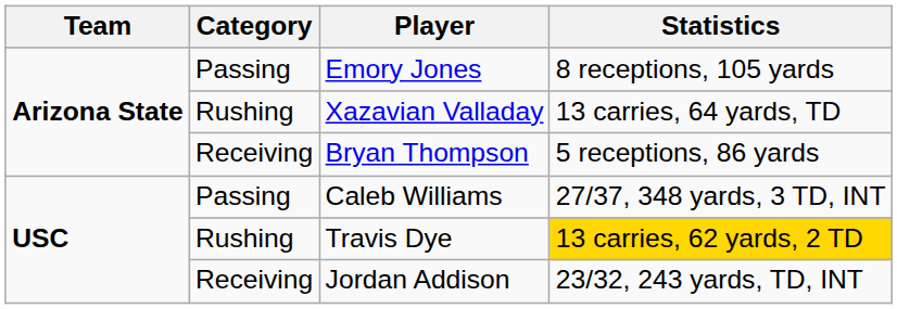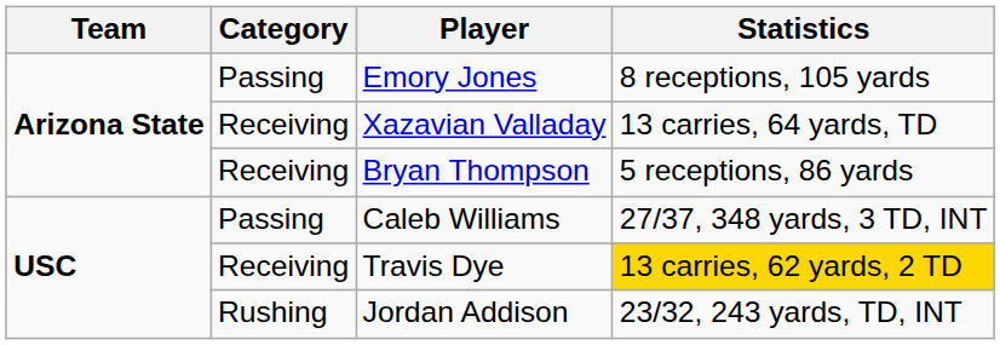 <table class="wikitable" style="float: right;">
 <tr>
 <th>Team</th>
 <th>Category</th>
 <th>Player</th>
 <th>Statistics</th>
 </tr>
 <tr>
 <td rowspan=3><strong>Arizona State</strong></td>
 <td>Passing</td>
 <td><a href='#'>Emory Jones</a></td>
 <td>8 receptions, 105 yards</td>
 </tr>
 <tr>
-<td>Rushing</td>
+<td>Receiving</td>
 <td><a href='#'>Xazavian Valladay</a></td>
 <td>13 carries, 64 yards, TD</td>
 </tr>
 <tr>
 <td>Receiving</td>
 <td><a href='#'>Bryan Thompson</a></td>
 <td>5 receptions, 86 yards</td>
 </tr>
 <tr>
 <td rowspan=3><strong>USC</strong></td>
 <td>Passing</td>
 <td>Caleb Williams</td>
 <td>27/37, 348 yards, 3 TD, INT</td>
 </tr>
 <tr>
-<td>Rushing</td>
+<td>Receiving</td>
 <td>Travis Dye</td>
 <td style="background: gold;">13 carries, 62 yards, 2 TD</td>
 </tr>
 <tr>
-<td>Receiving</td>
+<td>Rushing</td>
 <td>Jordan Addison</td>
 <td>23/32, 243 yards, TD, INT</td>
 </tr>
 </table>
